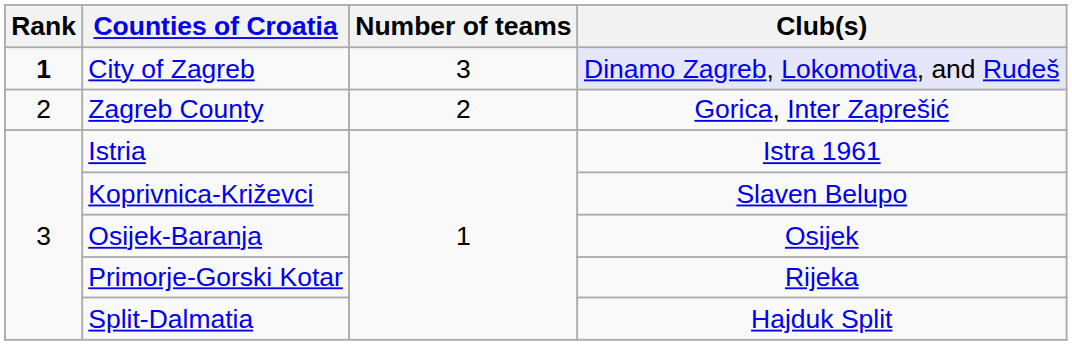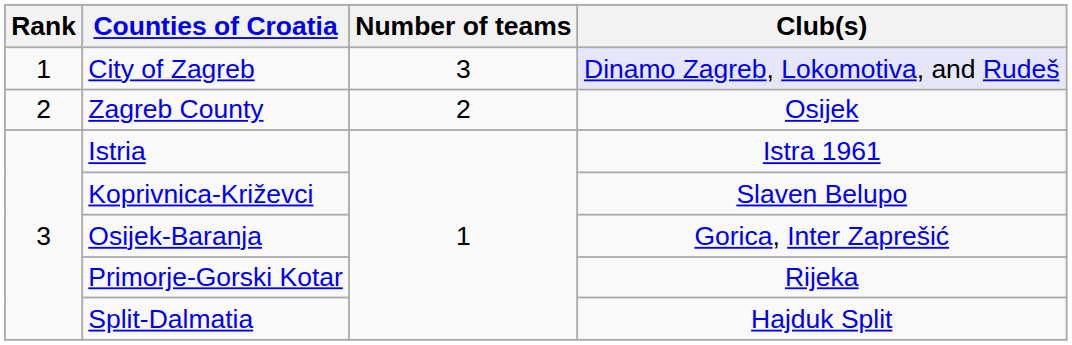 <table class="wikitable" style="font-size:90%;">
 <tr>
 <th>Rank</th>
 <th><a href='#'>Counties of Croatia</a></th>
 <th>Number of teams</th>
 <th>Club(s)</th>
 </tr>
 <tr>
-<td align="center"><strong>1</strong></td>
+<td align="center">1</td>
 <td>  <a href='#'>City of Zagreb</a></td>
 <td align="center">3</td>
 <td align="center" style="background: lavender;"><a href='#'>Dinamo Zagreb</a>,  <a href='#'>Lokomotiva</a>, and <a href='#'>Rudeš</a></td>
 </tr>
 <tr>
 <td align="center">2</td>
 <td>  <a href='#'>Zagreb County</a></td>
 <td align="center">2</td>
-<td align="center"><a href='#'>Gorica</a>, <a href='#'>Inter Zaprešić</a></td>
+<td align="center"><a href='#'>Osijek</a></td>
 </tr>
 <tr>
 <td align="center" rowspan=5>3</td>
 <td>  <a href='#'>Istria</a></td>
 <td align="center" rowspan=5>1</td>
 <td align="center"><a href='#'>Istra 1961</a></td>
 </tr>
 <tr>
 <td>  <a href='#'>Koprivnica-Križevci</a></td>
 <td align="center"><a href='#'>Slaven Belupo</a></td>
 </tr>
 <tr>
 <td>  <a href='#'>Osijek-Baranja</a></td>
-<td align="center"><a href='#'>Osijek</a></td>
+<td align="center"><a href='#'>Gorica</a>, <a href='#'>Inter Zaprešić</a></td>
 </tr>
 <tr>
 <td>  <a href='#'>Primorje-Gorski Kotar</a></td>
 <td align="center"><a href='#'>Rijeka</a></td>
 </tr>
 <tr>
 <td>  <a href='#'>Split-Dalmatia</a></td>
 <td align="center"><a href='#'>Hajduk Split</a></td>
 </tr>
 </table>
